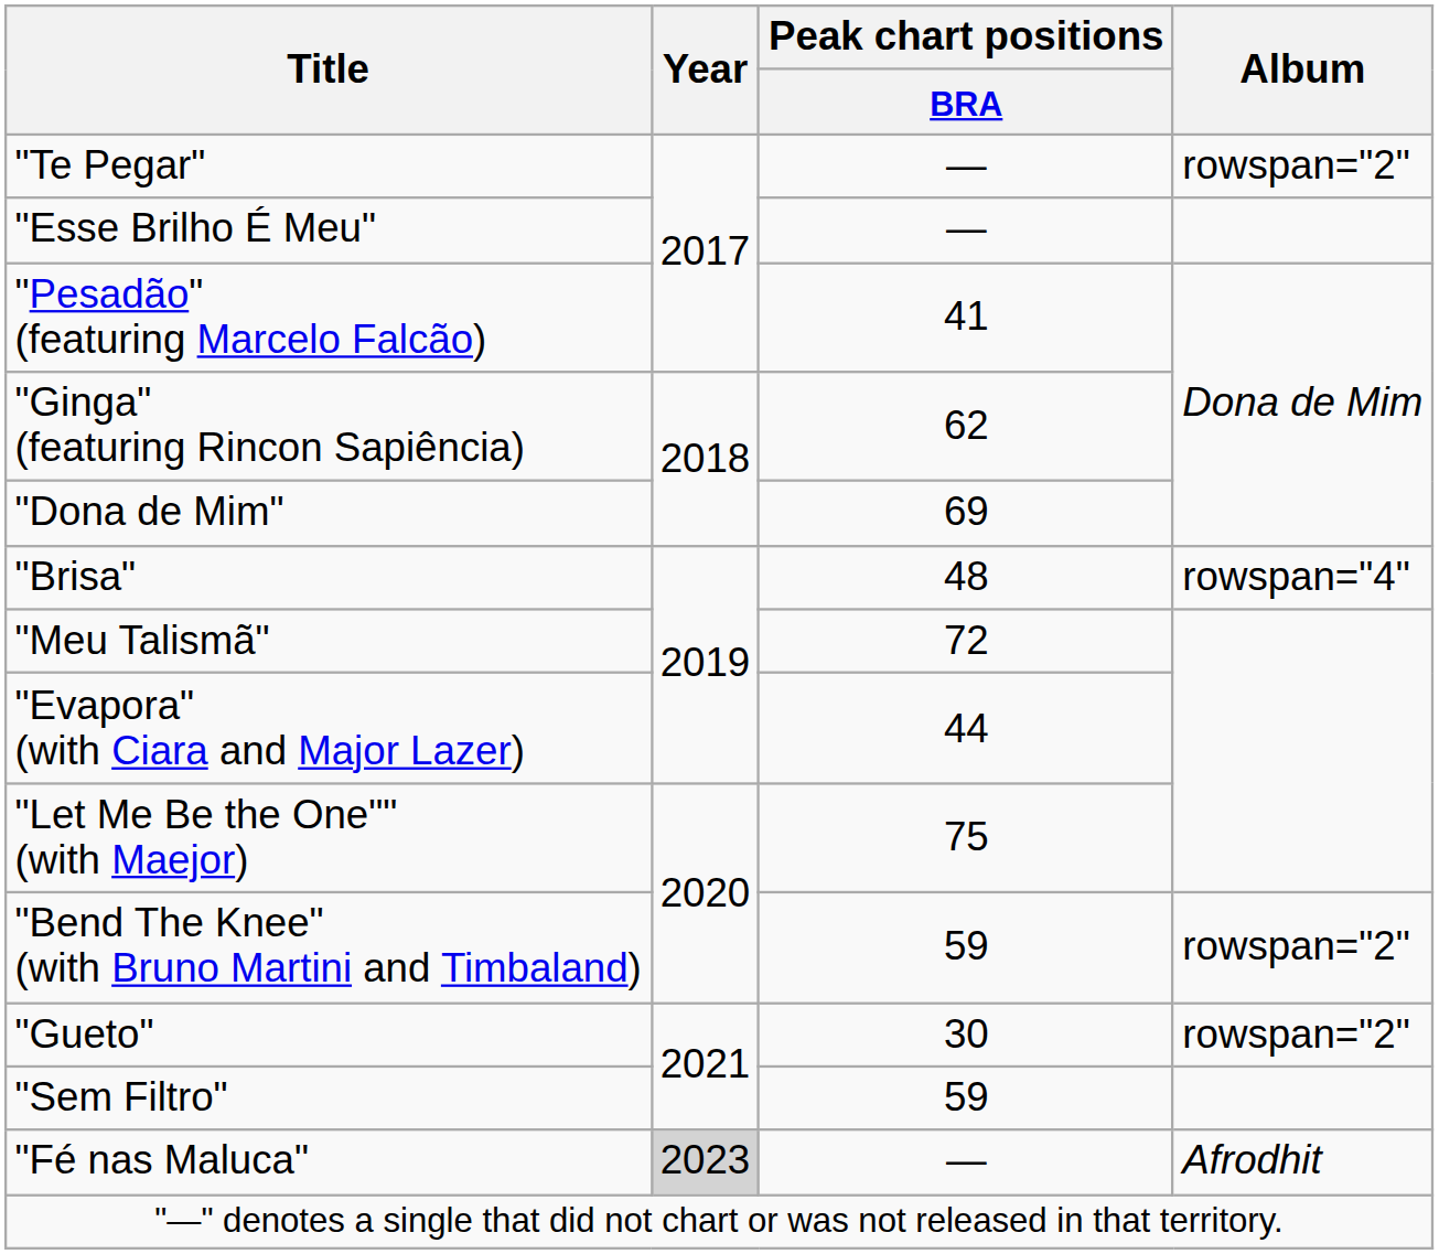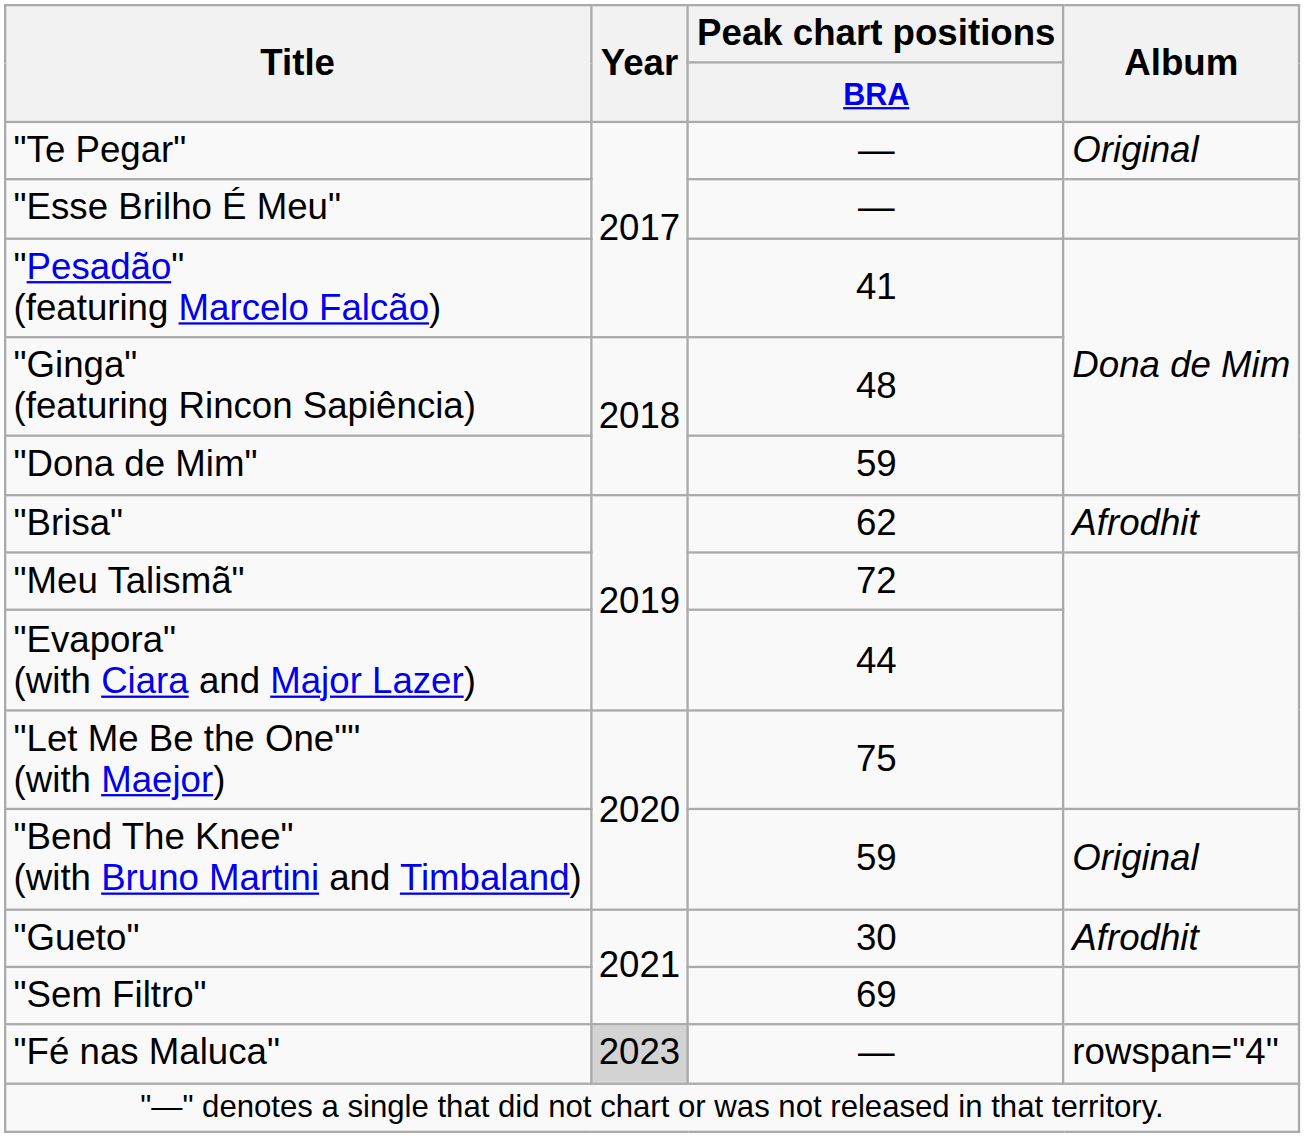 <table class="wikitable">
 <tr>
 <th rowspan="2">Title</th>
 <th rowspan="2">Year</th>
 <th>Peak chart positions</th>
 <th rowspan="2">Album</th>
 </tr>
 <tr>
 <th><small><a href='#'>BRA</a><br></small> </th>
 </tr>
 <tr>
 <td>"Te Pegar"</td>
 <td rowspan="3">2017</td>
 <td align="center">—</td>
-<td>rowspan="2" </td>
+<td rowspan="1"><em>Original</em></td>
 </tr>
 <tr>
 <td>"Esse Brilho É Meu"</td>
 <td align="center">—</td>
 </tr>
 <tr>
 <td>"<a href='#'>Pesadão</a>"<br><span>(featuring <a href='#'>Marcelo Falcão</a>)</span></td>
 <td align="center">41</td>
 <td rowspan="3"><em>Dona de Mim</em></td>
 </tr>
 <tr>
 <td>"Ginga"<br><span>(featuring Rincon Sapiência)</span></td>
 <td rowspan="2">2018</td>
-<td align="center">62</td>
+<td align="center">48</td>
 </tr>
 <tr>
 <td>"Dona de Mim"</td>
-<td align="center">69</td>
+<td align="center">59</td>
 </tr>
 <tr>
 <td>"Brisa"</td>
 <td rowspan="3">2019</td>
-<td align="center">48</td>
-<td>rowspan="4" </td>
+<td align="center">62</td>
+<td rowspan="1"><em>Afrodhit</em></td>
 </tr>
 <tr>
 <td>"Meu Talismã"</td>
 <td align="center">72</td>
 </tr>
 <tr>
 <td>"Evapora"<br><span>(with <a href='#'>Ciara</a> and <a href='#'>Major Lazer</a>)</span></td>
 <td align="center">44</td>
 </tr>
 <tr>
 <td>"Let Me Be the One""<br><span>(with <a href='#'>Maejor</a>)</span></td>
 <td rowspan="2">2020</td>
 <td align="center">75</td>
 </tr>
 <tr>
 <td>"Bend The Knee"<br><span>(with <a href='#'>Bruno Martini</a> and <a href='#'>Timbaland</a>)</span></td>
 <td align="center">59</td>
-<td>rowspan="2" </td>
+<td rowspan="1"><em>Original</em></td>
 </tr>
 <tr>
 <td>"Gueto"</td>
 <td rowspan="2">2021</td>
 <td align="center">30</td>
-<td>rowspan="2" </td>
+<td rowspan="1"><em>Afrodhit</em></td>
 </tr>
 <tr>
 <td>"Sem Filtro"</td>
-<td align="center">59</td>
+<td align="center">69</td>
 </tr>
 <tr>
 <td>"Fé nas Maluca"</td>
 <td rowspan="1" style="background: lightgrey;">2023</td>
 <td align="center">—</td>
-<td rowspan="1"><em>Afrodhit</em></td>
+<td>rowspan="4" </td>
 </tr>
 <tr>
 <td colspan="4" style="font-size:85%; text-align:center">"—" denotes a single that did not chart or was not released in that territory.</td>
 </tr>
 </table>
